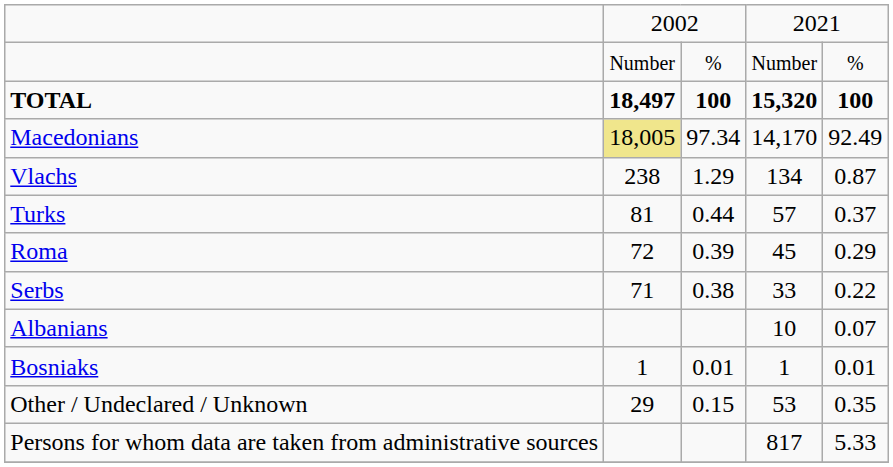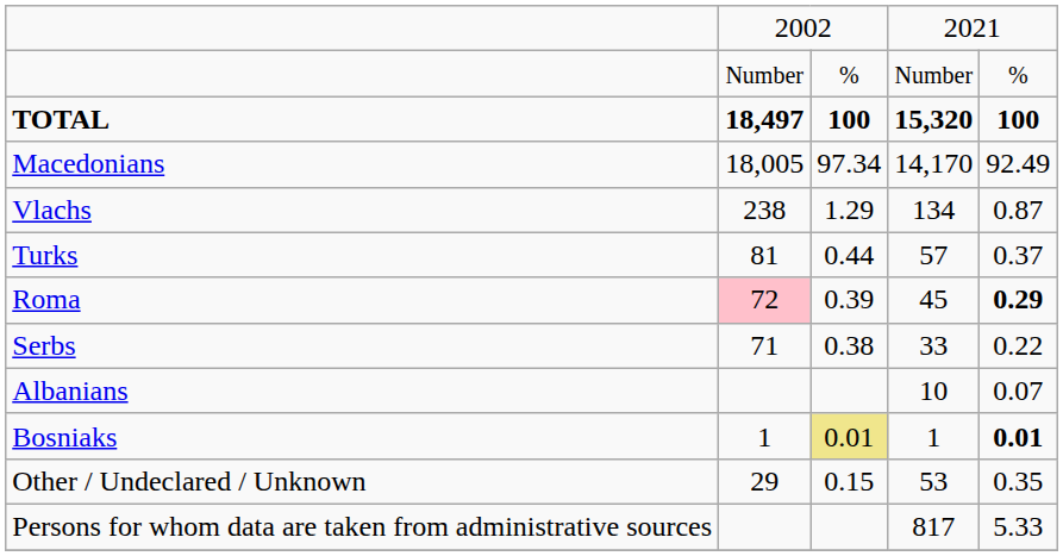 <table class="wikitable">
 <tr>
 <td></td>
 <td colspan="2" align="center">2002</td>
 <td colspan="2" align="center">2021</td>
 </tr>
 <tr>
 <td></td>
 <td align="center"><small>Number</small></td>
 <td align="center"><small>%</small></td>
 <td align="center"><small>Number</small></td>
 <td align="center"><small>%</small></td>
 </tr>
 <tr>
 <td><strong>TOTAL</strong></td>
 <td align="center"><strong>18,497</strong></td>
 <td align="center"><strong>100</strong></td>
 <td align="center"><strong>15,320</strong></td>
 <td align="center"><strong>100</strong></td>
 </tr>
 <tr>
 <td><a href='#'>Macedonians</a></td>
-<td align="center" style="background: khaki;">18,005</td>
+<td align="center">18,005</td>
 <td align="center">97.34</td>
 <td align="center">14,170</td>
 <td align="center">92.49</td>
 </tr>
 <tr>
 <td><a href='#'>Vlachs</a></td>
 <td align="center">238</td>
 <td align="center">1.29</td>
 <td align="center">134</td>
 <td align="center">0.87</td>
 </tr>
 <tr>
 <td><a href='#'>Turks</a></td>
 <td align="center">81</td>
 <td align="center">0.44</td>
 <td align="center">57</td>
 <td align="center">0.37</td>
 </tr>
 <tr>
 <td><a href='#'>Roma</a></td>
-<td align="center">72</td>
+<td align="center" style="background: pink;">72</td>
 <td align="center">0.39</td>
 <td align="center">45</td>
-<td align="center">0.29</td>
+<td align="center"><strong>0.29</strong></td>
 </tr>
 <tr>
 <td><a href='#'>Serbs</a></td>
 <td align="center">71</td>
 <td align="center">0.38</td>
 <td align="center">33</td>
 <td align="center">0.22</td>
 </tr>
 <tr>
 <td><a href='#'>Albanians</a></td>
 <td align="center"></td>
 <td align="center"></td>
 <td align="center">10</td>
 <td align="center">0.07</td>
 </tr>
 <tr>
 <td><a href='#'>Bosniaks</a></td>
 <td align="center">1</td>
-<td align="center">0.01</td>
+<td align="center" style="background: khaki;">0.01</td>
 <td align="center">1</td>
-<td align="center">0.01</td>
+<td align="center"><strong>0.01</strong></td>
 </tr>
 <tr>
 <td>Other / Undeclared / Unknown</td>
 <td align="center">29</td>
 <td align="center">0.15</td>
 <td align="center">53</td>
 <td align="center">0.35</td>
 </tr>
 <tr>
 <td>Persons for whom data are taken from administrative sources</td>
 <td align="center"></td>
 <td align="center"></td>
 <td align="center">817</td>
 <td align="center">5.33</td>
 </tr>
 <tr>
 </tr>
 </table>
